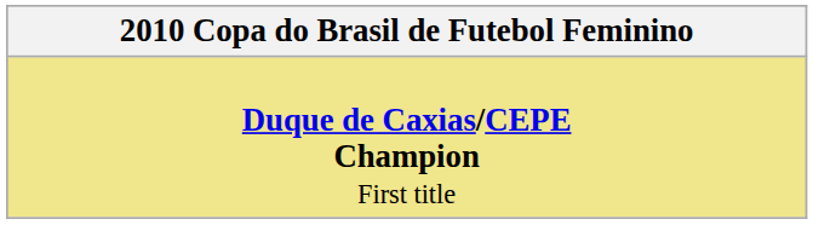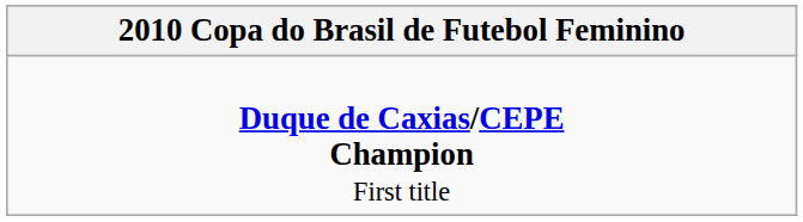 <table class="wikitable" style="margin: 0 auto; width: 20%;">
 <tr>
 <th>2010 Copa do Brasil de Futebol Feminino</th>
 </tr>
 <tr>
-<td align=center style="background: khaki;"> <br><strong><a href='#'>Duque de Caxias</a>/<a href='#'>CEPE</a></strong><br><strong>Champion</strong><br><small>First title</small></td>
+<td align=center> <br><strong><a href='#'>Duque de Caxias</a>/<a href='#'>CEPE</a></strong><br><strong>Champion</strong><br><small>First title</small></td>
 </tr>
 </table>
